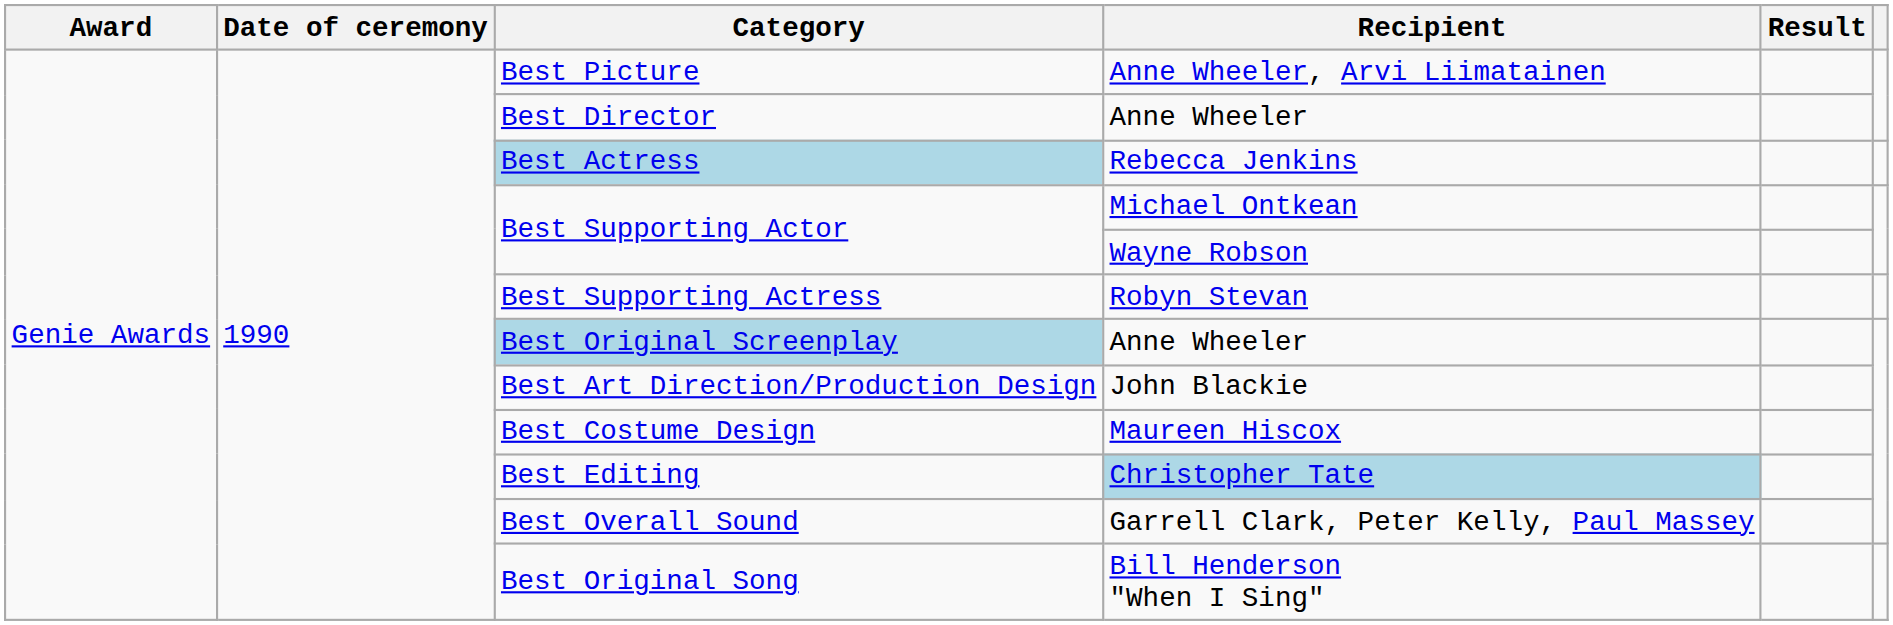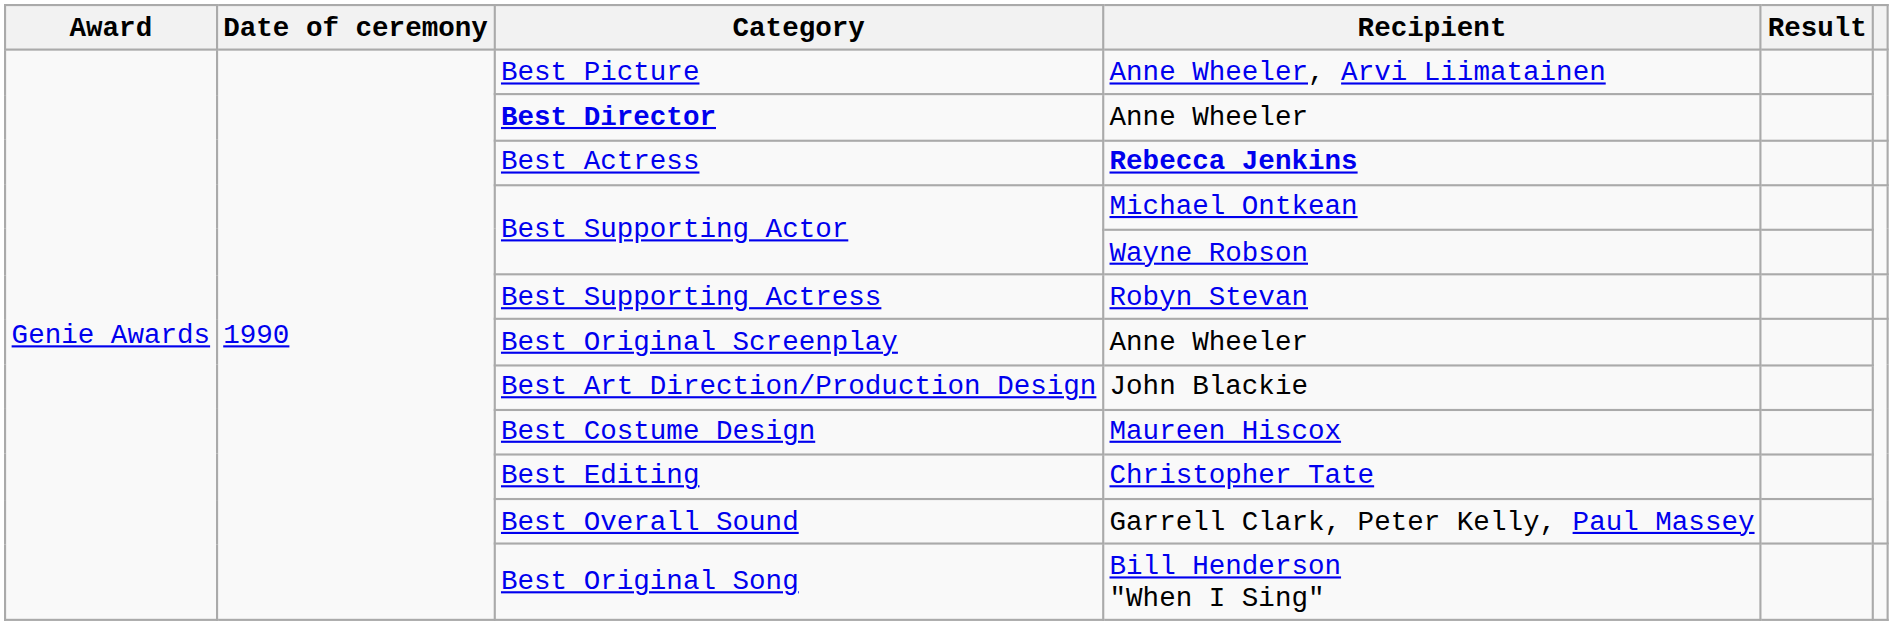 <table class="wikitable sortable plainrowheaders">
 <tr>
 <th scope="col">Award</th>
 <th scope="col">Date of ceremony</th>
 <th scope="col">Category</th>
 <th scope="col">Recipient</th>
 <th scope="col">Result</th>
 <th scope="col" class="unsortable"></th>
 </tr>
 <tr>
 <td rowspan=12><a href='#'>Genie Awards</a></td>
 <td rowspan=12><a href='#'>1990</a></td>
 <td><a href='#'>Best Picture</a></td>
 <td><a href='#'>Anne Wheeler</a>, <a href='#'>Arvi Liimatainen</a></td>
 <td></td>
 <td rowspan=2></td>
 </tr>
 <tr>
-<td><a href='#'>Best Director</a></td>
+<td><strong><a href='#'>Best Director</a></strong></td>
 <td>Anne Wheeler</td>
 <td></td>
 </tr>
 <tr>
-<td style="background: lightblue;"><a href='#'>Best Actress</a></td>
-<td><a href='#'>Rebecca Jenkins</a></td>
+<td><a href='#'>Best Actress</a></td>
+<td><strong><a href='#'>Rebecca Jenkins</a></strong></td>
 <td></td>
 <td></td>
 </tr>
 <tr>
 <td rowspan=2><a href='#'>Best Supporting Actor</a></td>
 <td><a href='#'>Michael Ontkean</a></td>
 <td></td>
 <td rowspan=2></td>
 </tr>
 <tr>
 <td><a href='#'>Wayne Robson</a></td>
 <td></td>
 </tr>
 <tr>
 <td><a href='#'>Best Supporting Actress</a></td>
 <td><a href='#'>Robyn Stevan</a></td>
 <td></td>
 <td></td>
 </tr>
 <tr>
-<td style="background: lightblue;"><a href='#'>Best Original Screenplay</a></td>
+<td><a href='#'>Best Original Screenplay</a></td>
 <td>Anne Wheeler</td>
 <td></td>
 <td rowspan=5></td>
 </tr>
 <tr>
 <td><a href='#'>Best Art Direction/Production Design</a></td>
 <td>John Blackie</td>
 <td></td>
 </tr>
 <tr>
 <td><a href='#'>Best Costume Design</a></td>
 <td><a href='#'>Maureen Hiscox</a></td>
 <td></td>
 </tr>
 <tr>
 <td><a href='#'>Best Editing</a></td>
-<td style="background: lightblue;"><a href='#'>Christopher Tate</a></td>
+<td><a href='#'>Christopher Tate</a></td>
 <td></td>
 </tr>
 <tr>
 <td><a href='#'>Best Overall Sound</a></td>
 <td>Garrell Clark, Peter Kelly, <a href='#'>Paul Massey</a></td>
 <td></td>
 </tr>
 <tr>
 <td><a href='#'>Best Original Song</a></td>
 <td><a href='#'>Bill Henderson</a><br>"When I Sing"</td>
 <td></td>
 <td></td>
 </tr>
 </table>
